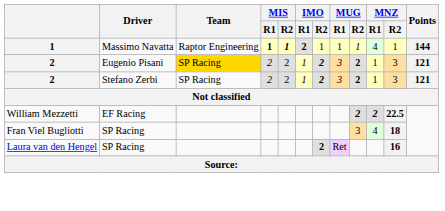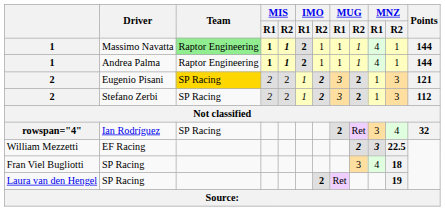 <table class="wikitable" style="font-size:85%; text-align:center;">
 <tr>
 <th rowspan="2"></th>
 <th rowspan="2">Driver</th>
 <th rowspan="2">Team</th>
 <th colspan="2"><a href='#'>MIS</a><br></th>
 <th colspan="2"><a href='#'>IMO</a><br></th>
 <th colspan="2"><a href='#'>MUG</a><br></th>
 <th colspan="2"><a href='#'>MNZ</a><br></th>
 <th rowspan="2">Points</th>
 </tr>
 <tr>
 <th>R1</th>
 <th>R2</th>
 <th>R1</th>
 <th>R2</th>
 <th>R1</th>
 <th>R2</th>
 <th>R1</th>
 <th>R2</th>
 </tr>
 <tr>
 <th>1</th>
 <td style="text-align:left"> Massimo Navatta</td>
+<td style="background: lightgreen; text-align:left"> Raptor Engineering</td>
+<td style="background:#FFFFBF"><strong>1</strong></td>
+<td style="background:#FFFFBF"><strong><em>1</em></strong></td>
+<td style="background:#DFDFDF"><strong>2</strong></td>
+<td style="background:#FFFFBF">1</td>
+<td style="background:#FFFFBF">1</td>
+<td style="background:#FFFFBF"><em>1</em></td>
+<td style="background:#DFFFDF">4</td>
+<td style="background:#FFFFBF">1</td>
+<th>144</th>
+</tr>
+<tr>
+<th>1</th>
+<td style="text-align:left"> Andrea Palma</td>
 <td style="text-align:left"> Raptor Engineering</td>
 <td style="background:#FFFFBF"><strong>1</strong></td>
 <td style="background:#FFFFBF"><strong><em>1</em></strong></td>
 <td style="background:#DFDFDF"><strong>2</strong></td>
 <td style="background:#FFFFBF">1</td>
 <td style="background:#FFFFBF">1</td>
 <td style="background:#FFFFBF"><em>1</em></td>
 <td style="background:#DFFFDF">4</td>
 <td style="background:#FFFFBF">1</td>
 <th>144</th>
 </tr>
 <tr>
 <th>2</th>
 <td style="text-align:left"> Eugenio Pisani</td>
 <td style="background: gold; text-align:left"> SP Racing</td>
 <td style="background:#DFDFDF"><em>2</em></td>
 <td style="background:#DFDFDF">2</td>
 <td style="background:#FFFFBF"><em>1</em></td>
 <td style="background:#DFDFDF"><strong><em>2</em></strong></td>
 <td style="background:#FFDF9F"><em>3</em></td>
 <td style="background:#DFDFDF"><strong>2</strong></td>
 <td style="background:#FFFFBF">1</td>
 <td style="background:#FFDF9F">3</td>
 <th>121</th>
 </tr>
 <tr>
 <th>2</th>
 <td style="text-align:left"> Stefano Zerbi</td>
 <td style="text-align:left"> SP Racing</td>
 <td style="background:#DFDFDF"><em>2</em></td>
 <td style="background:#DFDFDF">2</td>
 <td style="background:#FFFFBF"><em>1</em></td>
 <td style="background:#DFDFDF"><strong><em>2</em></strong></td>
 <td style="background:#FFDF9F"><em>3</em></td>
 <td style="background:#DFDFDF"><strong>2</strong></td>
 <td style="background:#FFFFBF">1</td>
 <td style="background:#FFDF9F">3</td>
-<th>121</th>
+<th>112</th>
 </tr>
 <tr>
 <th colspan="12">Not classified</th>
+</tr>
+<tr>
+<th>rowspan="4" </th>
+<td style="text-align:left"> <a href='#'>Ian Rodríguez</a></td>
+<td style="text-align:left"> SP Racing</td>
+<td style="background:#"></td>
+<td style="background:#"></td>
+<td style="background:#"></td>
+<td style="background:#"></td>
+<td style="background:#DFDFDF"><strong>2</strong></td>
+<td style="background:#EFCFFF">Ret</td>
+<td style="background:#FFDF9F">3</td>
+<td style="background:#DFFFDF">4</td>
+<th>32</th>
 </tr>
 <tr>
 <td style="text-align:left"> William Mezzetti</td>
 <td style="text-align:left"> EF Racing</td>
 <td style="background:#"></td>
 <td style="background:#"></td>
 <td style="background:#"></td>
 <td style="background:#"></td>
 <td style="background:#"></td>
 <td style="background:#"></td>
 <td style="background:#DFDFDF"><strong><em>2</em></strong></td>
-<td style="background:#DFDFDF"><strong><em>2</em></strong></td>
+<td style="background:#DFDFDF"><strong><em>3</em></strong></td>
 <th>22.5</th>
 </tr>
 <tr>
 <td style="text-align:left"> Fran Viel Bugliotti</td>
 <td style="text-align:left"> SP Racing</td>
 <td style="background:#"></td>
 <td style="background:#"></td>
 <td style="background:#"></td>
 <td style="background:#"></td>
 <td style="background:#"></td>
 <td style="background:#"></td>
 <td style="background:#FFDF9F">3</td>
 <td style="background:#DFFFDF">4</td>
 <th>18</th>
 </tr>
 <tr>
 <td style="text-align:left"> <a href='#'>Laura van den Hengel</a></td>
 <td style="text-align:left"> SP Racing</td>
 <td style="background:#"></td>
 <td style="background:#"></td>
 <td style="background:#"></td>
 <td style="background:#"></td>
 <td style="background:#DFDFDF"><strong>2</strong></td>
 <td style="background:#EFCFFF">Ret</td>
 <td style="background:#"></td>
 <td style="background:#"></td>
-<th>16</th>
+<th>19</th>
 </tr>
 <tr>
 <th colspan="12">Source:</th>
 </tr>
 </table>
